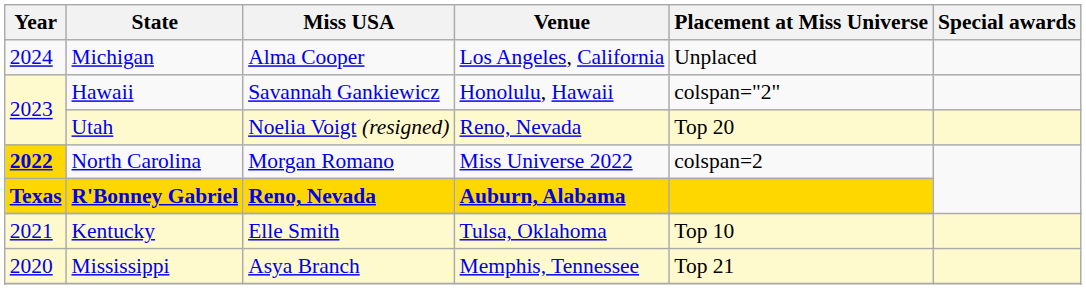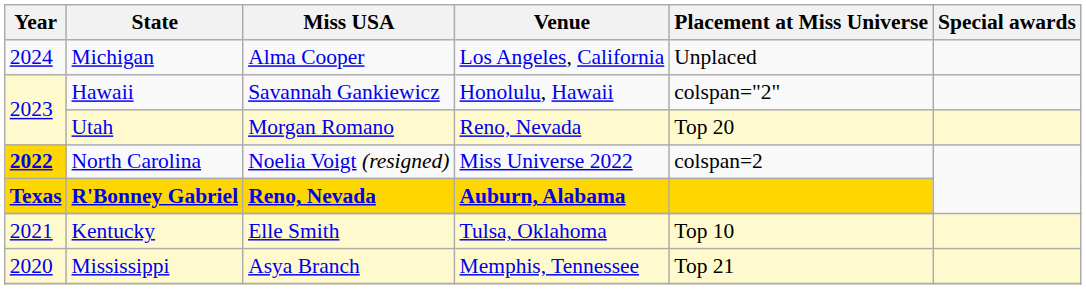 <table class="wikitable" style="font-size: 92%">
 <tr>
 <th>Year</th>
 <th>State</th>
 <th>Miss USA</th>
 <th>Venue</th>
 <th>Placement at Miss Universe</th>
 <th>Special awards</th>
 </tr>
 <tr>
 <td><a href='#'>2024</a></td>
 <td><a href='#'>Michigan</a></td>
 <td><a href='#'>Alma Cooper</a></td>
 <td><a href='#'>Los Angeles</a>, <a href='#'>California</a></td>
 <td>Unplaced</td>
 <td></td>
 </tr>
 <tr>
 <td style="background-color:#FFFACD; font-weight: normal" rowspan=2><a href='#'>2023</a></td>
 <td><a href='#'>Hawaii</a></td>
 <td><a href='#'>Savannah Gankiewicz</a></td>
 <td><a href='#'>Honolulu</a>, <a href='#'>Hawaii</a></td>
 <td>colspan="2" </td>
 </tr>
 <tr style="background:#FFFACD;">
 <td><a href='#'>Utah</a></td>
-<td><a href='#'>Noelia Voigt</a> <em>(resigned)</em></td>
+<td><a href='#'>Morgan Romano</a></td>
 <td><a href='#'>Reno, Nevada</a></td>
 <td>Top 20</td>
 <td></td>
 </tr>
 <tr>
 <td style="background-color:gold; font-weight: bold" rowspan=2><a href='#'>2022</a></td>
 <td><a href='#'>North Carolina</a></td>
-<td><a href='#'>Morgan Romano</a></td>
+<td><a href='#'>Noelia Voigt</a> <em>(resigned)</em></td>
 <td><a href='#'>Miss Universe 2022</a></td>
 <td>colspan=2 </td>
 </tr>
 <tr>
 </tr>
 <tr style="background-color:gold; font-weight: bold">
 <td><a href='#'>Texas</a></td>
 <td><a href='#'>R'Bonney Gabriel</a></td>
 <td><a href='#'>Reno, Nevada</a></td>
 <td><a href='#'>Auburn, Alabama</a></td>
 <td></td>
 </tr>
 <tr>
 </tr>
 <tr style="background:#FFFACD;">
 <td><a href='#'>2021</a></td>
 <td><a href='#'>Kentucky</a></td>
 <td><a href='#'>Elle Smith</a></td>
 <td><a href='#'>Tulsa, Oklahoma</a></td>
 <td>Top 10</td>
 <td></td>
 </tr>
 <tr style="background:#FFFACD;">
 <td><a href='#'>2020</a></td>
 <td><a href='#'>Mississippi</a></td>
 <td><a href='#'>Asya Branch</a></td>
 <td><a href='#'>Memphis, Tennessee</a></td>
 <td>Top 21</td>
 <td></td>
 </tr>
 <tr>
 </tr>
 <tr>
 </tr>
 </table>
